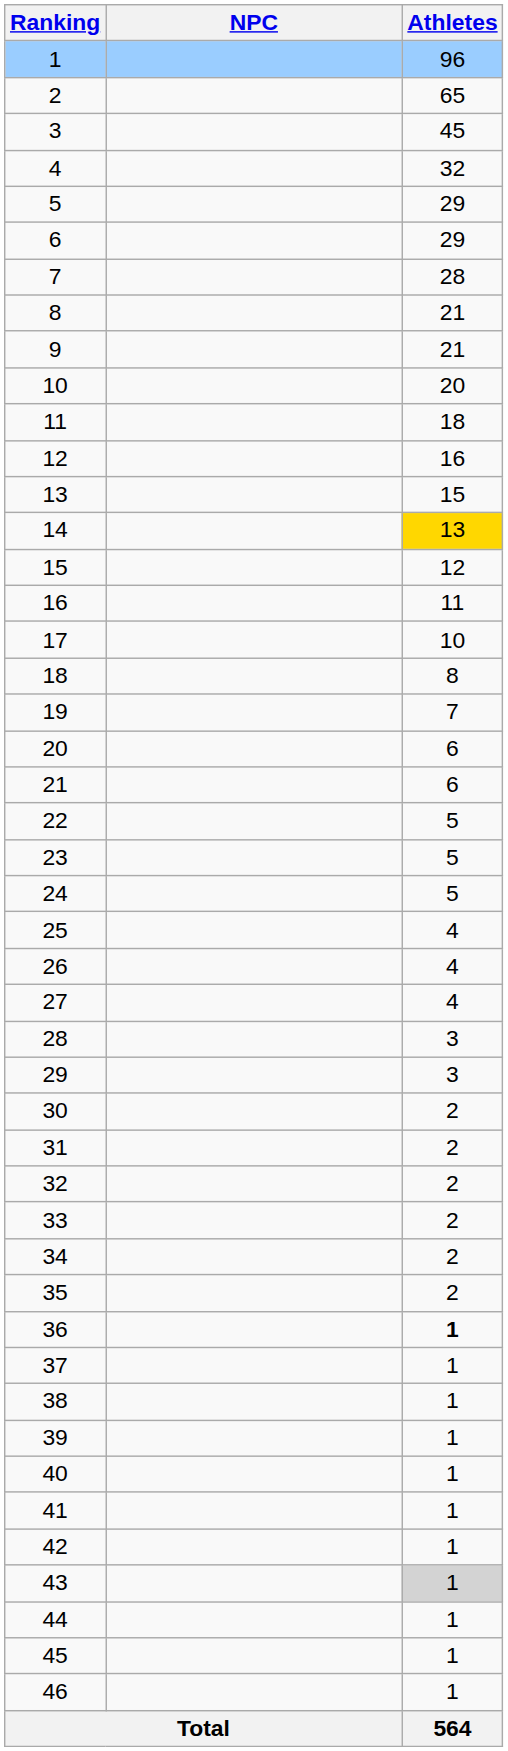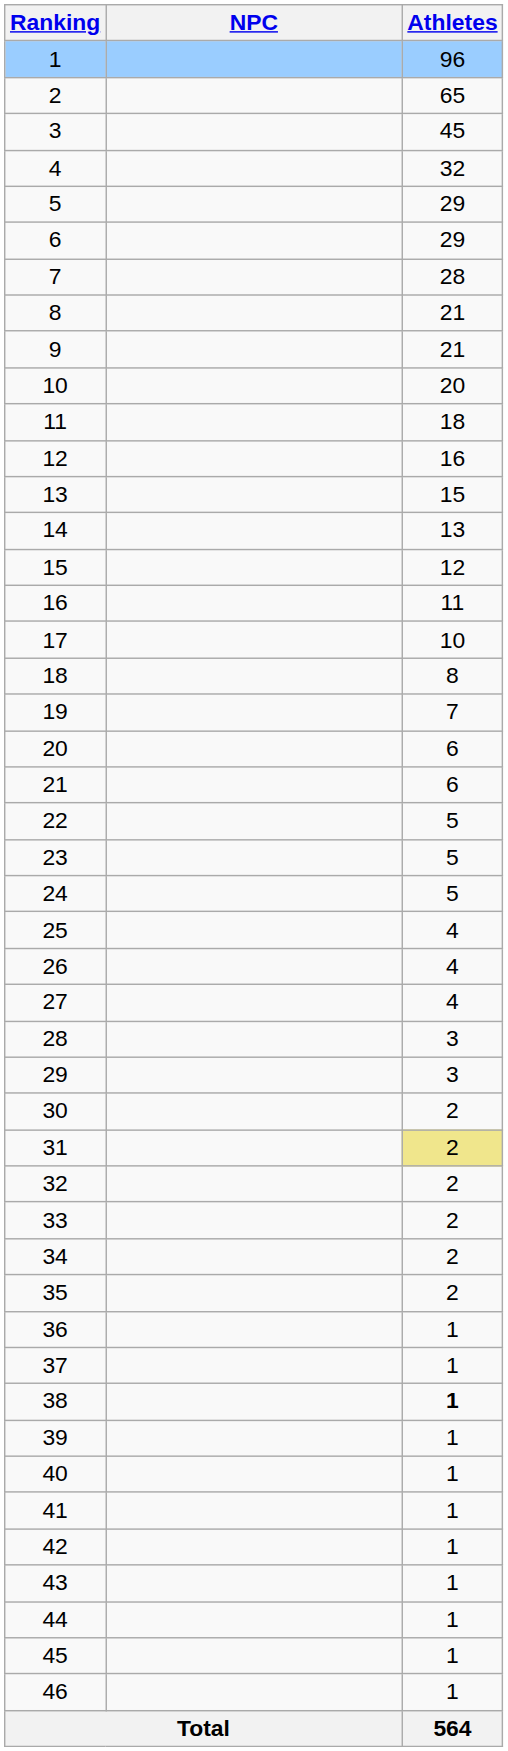 <table class="wikitable collapsible collapsed sortable" style="border:0;">
 <tr>
 <th width=50><a href='#'>Ranking</a></th>
 <th width=200><a href='#'>NPC</a></th>
 <th width=25><a href='#'>Athletes</a></th>
 </tr>
 <tr style="background:#9acdff;">
 <td align=center>1</td>
 <td></td>
 <td align=center>96</td>
 </tr>
 <tr>
 <td align=center>2</td>
 <td></td>
 <td align=center>65</td>
 </tr>
 <tr>
 <td align=center>3</td>
 <td></td>
 <td align=center>45</td>
 </tr>
 <tr>
 <td align=center>4</td>
 <td></td>
 <td align=center>32</td>
 </tr>
 <tr>
 <td align=center>5</td>
 <td></td>
 <td align=center>29</td>
 </tr>
 <tr>
 <td align=center>6</td>
 <td></td>
 <td align=center>29</td>
 </tr>
 <tr>
 <td align=center>7</td>
 <td></td>
 <td align=center>28</td>
 </tr>
 <tr>
 <td align=center>8</td>
 <td></td>
 <td align=center>21</td>
 </tr>
 <tr>
 <td align=center>9</td>
 <td></td>
 <td align=center>21</td>
 </tr>
 <tr>
 <td align=center>10</td>
 <td></td>
 <td align=center>20</td>
 </tr>
 <tr>
 <td align=center>11</td>
 <td></td>
 <td align=center>18</td>
 </tr>
 <tr>
 <td align=center>12</td>
 <td></td>
 <td align=center>16</td>
 </tr>
 <tr>
 <td align=center>13</td>
 <td></td>
 <td align=center>15</td>
 </tr>
 <tr>
 <td align=center>14</td>
 <td></td>
-<td align=center style="background: gold;">13</td>
+<td align=center>13</td>
 </tr>
 <tr>
 <td align=center>15</td>
 <td></td>
 <td align=center>12</td>
 </tr>
 <tr>
 <td align=center>16</td>
 <td></td>
 <td align=center>11</td>
 </tr>
 <tr>
 <td align=center>17</td>
 <td></td>
 <td align=center>10</td>
 </tr>
 <tr>
 <td align=center>18</td>
 <td></td>
 <td align=center>8</td>
 </tr>
 <tr>
 <td align=center>19</td>
 <td></td>
 <td align=center>7</td>
 </tr>
 <tr>
 <td align=center>20</td>
 <td></td>
 <td align=center>6</td>
 </tr>
 <tr>
 <td align=center>21</td>
 <td></td>
 <td align=center>6</td>
 </tr>
 <tr>
 <td align=center>22</td>
 <td></td>
 <td align=center>5</td>
 </tr>
 <tr>
 <td align=center>23</td>
 <td></td>
 <td align=center>5</td>
 </tr>
 <tr>
 <td align=center>24</td>
 <td></td>
 <td align=center>5</td>
 </tr>
 <tr>
 <td align=center>25</td>
 <td></td>
 <td align=center>4</td>
 </tr>
 <tr>
 <td align=center>26</td>
 <td></td>
 <td align=center>4</td>
 </tr>
 <tr>
 <td align=center>27</td>
 <td></td>
 <td align=center>4</td>
 </tr>
 <tr>
 <td align=center>28</td>
 <td></td>
 <td align=center>3</td>
 </tr>
 <tr>
 <td align=center>29</td>
 <td></td>
 <td align=center>3</td>
 </tr>
 <tr>
 <td align=center>30</td>
 <td></td>
 <td align=center>2</td>
 </tr>
 <tr>
 <td align=center>31</td>
 <td></td>
-<td align=center>2</td>
+<td align=center style="background: khaki;">2</td>
 </tr>
 <tr>
 <td align=center>32</td>
 <td></td>
 <td align=center>2</td>
 </tr>
 <tr>
 <td align=center>33</td>
 <td></td>
 <td align=center>2</td>
 </tr>
 <tr>
 <td align=center>34</td>
 <td></td>
 <td align=center>2</td>
 </tr>
 <tr>
 <td align=center>35</td>
 <td></td>
 <td align=center>2</td>
 </tr>
 <tr>
 <td align=center>36</td>
 <td></td>
-<td align=center><strong>1</strong></td>
+<td align=center>1</td>
 </tr>
 <tr>
 <td align=center>37</td>
 <td></td>
 <td align=center>1</td>
 </tr>
 <tr>
 <td align=center>38</td>
 <td></td>
-<td align=center>1</td>
+<td align=center><strong>1</strong></td>
 </tr>
 <tr>
 <td align=center>39</td>
 <td></td>
 <td align=center>1</td>
 </tr>
 <tr>
 <td align=center>40</td>
 <td></td>
 <td align=center>1</td>
 </tr>
 <tr>
 <td align=center>41</td>
 <td></td>
 <td align=center>1</td>
 </tr>
 <tr>
 <td align=center>42</td>
 <td></td>
 <td align=center>1</td>
 </tr>
 <tr>
 <td align=center>43</td>
 <td></td>
-<td align=center style="background: lightgrey;">1</td>
+<td align=center>1</td>
 </tr>
 <tr>
 <td align=center>44</td>
 <td></td>
 <td align=center>1</td>
 </tr>
 <tr>
 <td align=center>45</td>
 <td></td>
 <td align=center>1</td>
 </tr>
 <tr>
 <td align=center>46</td>
 <td></td>
 <td align=center>1</td>
 </tr>
 <tr>
 <th colspan=2>Total</th>
 <th>564</th>
 </tr>
 </table>
